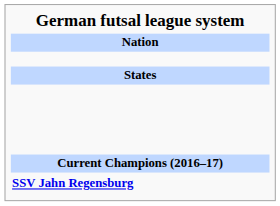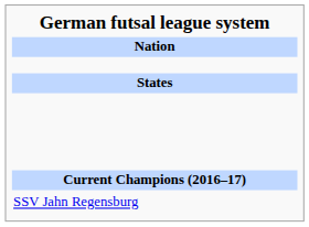 <table class="infobox football" style="width: 16em;">
 <tr>
 <th style="font-size: 16px; text-align: center;">German futsal league system</th>
 </tr>
 <tr>
 <td style="font-size: 12px; text-align: center; background: #BFD7FF;"><strong>Nation</strong></td>
 </tr>
 <tr>
 <td style="font-size: 12px; text-align: center;"></td>
 </tr>
 <tr>
 <td style="font-size: 11px; text-align: center; line-height: 15px;"></td>
 </tr>
 <tr>
 <td style="font-size: 11px; line-height: 15px;"></td>
 </tr>
 <tr>
 <td style="font-size: 12px; text-align: center; background: #BFD7FF;"><strong>States</strong></td>
 </tr>
 <tr>
 <td style="font-size: 12px;"></td>
 </tr>
 <tr>
 <td style="font-size: 12px;"></td>
 </tr>
 <tr>
 <td style="font-size: 12px;"></td>
 </tr>
 <tr>
 <td style="font-size: 12px;"></td>
 </tr>
 <tr>
 <td style="font-size: 12px;"></td>
 </tr>
 <tr>
 <td style="font-size: 12px;"></td>
 </tr>
 <tr>
 <td style="font-size: 12px;"></td>
 </tr>
 <tr>
 <td style="font-size: 12px;"></td>
 </tr>
 <tr>
 <td style="font-size: 12px;"></td>
 </tr>
 <tr>
 <td style="font-size: 12px;"></td>
 </tr>
 <tr>
 <td style="font-size: 12px;"></td>
 </tr>
 <tr>
 <td style="font-size: 12px;"></td>
 </tr>
 <tr>
 <td style="font-size: 12px;"></td>
 </tr>
 <tr>
 <td style="font-size: 12px;"></td>
 </tr>
 <tr>
 <td style="font-size: 12px;"></td>
 </tr>
 <tr>
 <td style="font-size: 12px;"></td>
 </tr>
 <tr>
 <td style="font-size: 12px; background: #BFD7FF; text-align: center;"><strong>Current Champions (2016–17)</strong></td>
 </tr>
 <tr>
-<td style="font-size: 12px;"><strong><a href='#'>SSV Jahn Regensburg</a></strong></td>
+<td style="font-size: 12px;"><a href='#'>SSV Jahn Regensburg</a></td>
 </tr>
 <tr>
 </tr>
 </table>
